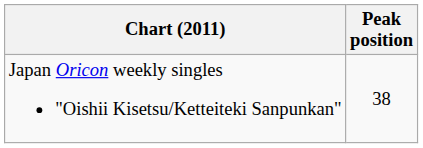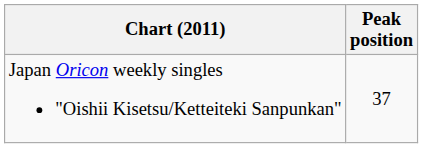 <table class="wikitable sortable">
 <tr>
 <th>Chart (2011)</th>
 <th>Peak<br>position</th>
 </tr>
 <tr>
 <td>Japan <em><a href='#'>Oricon</a></em> weekly singles<br><ul><li>"Oishii Kisetsu/Ketteiteki Sanpunkan"</li></ul></td>
-<td align="center">38</td>
+<td align="center">37</td>
 </tr>
 </table>
